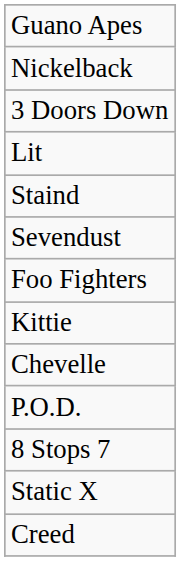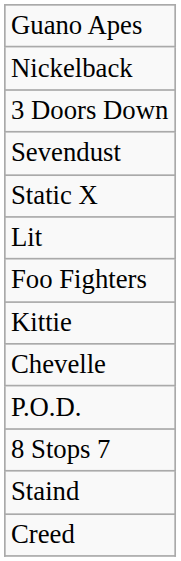 <table class="wikitable">
 <tr>
 <td>Guano Apes</td>
 </tr>
 <tr>
 <td>Nickelback</td>
 </tr>
 <tr>
 <td>3 Doors Down</td>
 </tr>
 <tr>
-<td>Lit</td>
+<td>Sevendust</td>
 </tr>
 <tr>
-<td>Staind</td>
+<td>Static X</td>
 </tr>
 <tr>
-<td>Sevendust</td>
+<td>Lit</td>
 </tr>
 <tr>
 <td>Foo Fighters</td>
 </tr>
 <tr>
 <td>Kittie</td>
 </tr>
 <tr>
 <td>Chevelle</td>
 </tr>
 <tr>
 <td>P.O.D.</td>
 </tr>
 <tr>
 <td>8 Stops 7</td>
 </tr>
 <tr>
-<td>Static X</td>
+<td>Staind</td>
 </tr>
 <tr>
 <td>Creed</td>
 </tr>
 </table>
